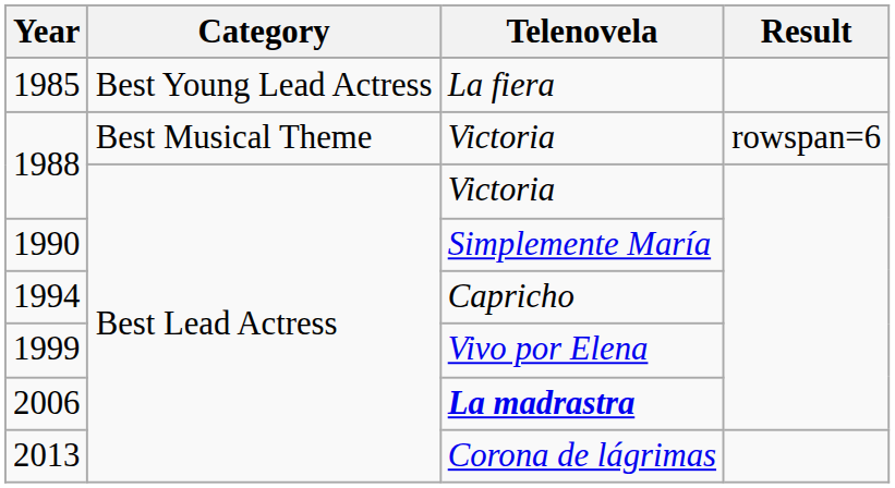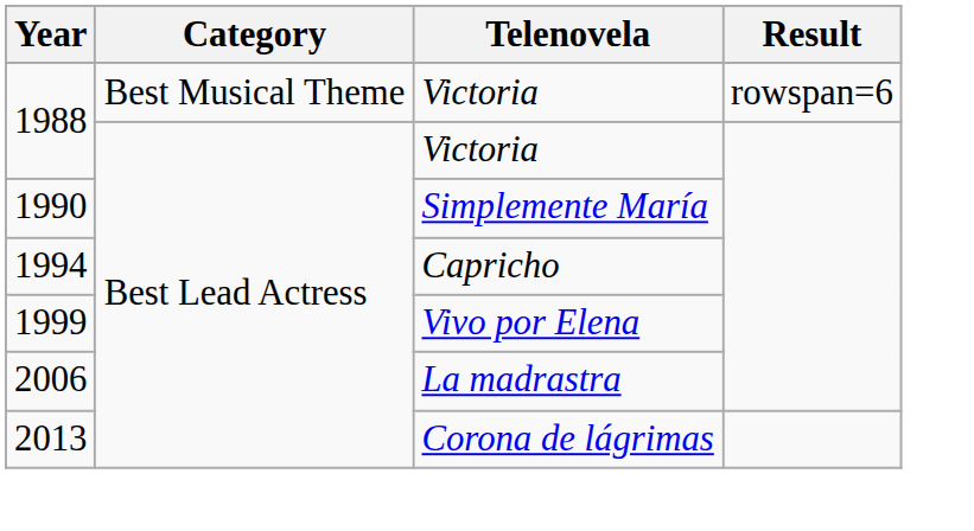 <table class="wikitable">
 <tr>
 <th>Year</th>
 <th>Category</th>
 <th>Telenovela</th>
 <th>Result</th>
-</tr>
-<tr>
-<td>1985</td>
-<td>Best Young Lead Actress</td>
-<td><em>La fiera</em></td>
-<td></td>
 </tr>
 <tr>
 <td rowspan=2>1988</td>
 <td>Best Musical Theme</td>
 <td><em>Victoria</em></td>
 <td>rowspan=6 </td>
 </tr>
 <tr>
 <td rowspan=6>Best Lead Actress</td>
 <td><em>Victoria</em></td>
 </tr>
 <tr>
 <td>1990</td>
 <td><em><a href='#'>Simplemente María</a></em></td>
 </tr>
 <tr>
 <td>1994</td>
 <td><em>Capricho</em></td>
 </tr>
 <tr>
 <td>1999</td>
 <td><em><a href='#'>Vivo por Elena</a></em></td>
 </tr>
 <tr>
 <td>2006</td>
-<td><strong><em><a href='#'>La madrastra</a></em></strong></td>
+<td><em><a href='#'>La madrastra</a></em></td>
 </tr>
 <tr>
 <td>2013</td>
 <td><em><a href='#'>Corona de lágrimas</a></em></td>
 <td></td>
 </tr>
 </table>
